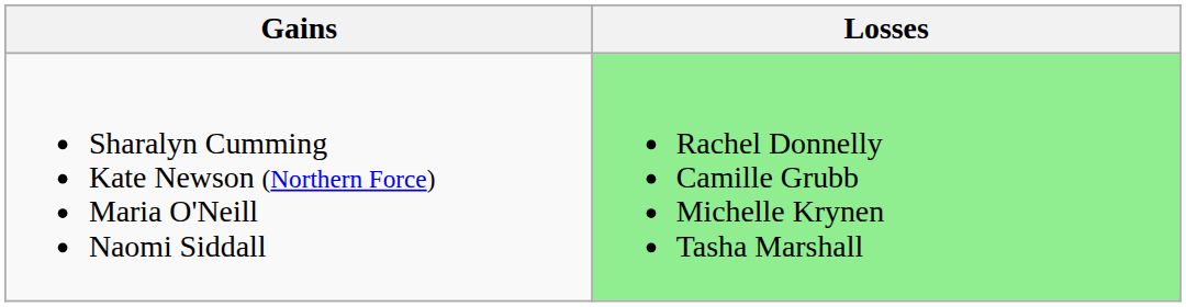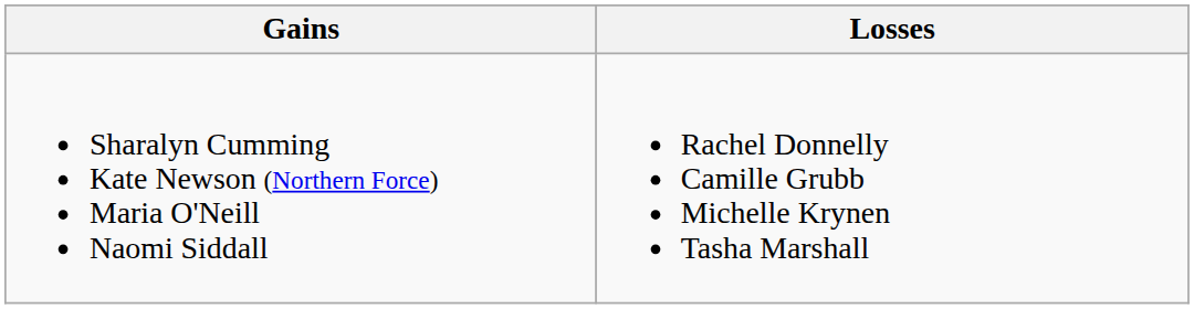 <table class=wikitable>
 <tr>
 <th width=300> Gains</th>
 <th width=300> Losses</th>
 </tr>
 <tr>
 <td><br><ul><li>Sharalyn Cumming</li><li>Kate Newson <small>(<a href='#'>Northern Force</a>)</small></li><li>Maria O'Neill</li><li>Naomi Siddall</li></ul></td>
-<td style="background: lightgreen;"><br><ul><li>Rachel Donnelly</li><li>Camille Grubb</li><li>Michelle Krynen</li><li>Tasha Marshall</li></ul></td>
+<td><br><ul><li>Rachel Donnelly</li><li>Camille Grubb</li><li>Michelle Krynen</li><li>Tasha Marshall</li></ul></td>
 </tr>
 </table>
